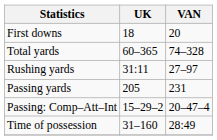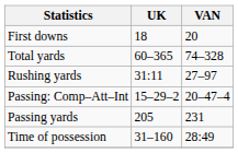 <table class="wikitable" style="float: left;">
 <tr>
 <th>Statistics</th>
 <th>UK</th>
 <th>VAN</th>
 </tr>
 <tr>
 <td>First downs</td>
 <td>18</td>
 <td>20</td>
 </tr>
 <tr>
 <td>Total yards</td>
 <td>60–365</td>
 <td>74–328</td>
 </tr>
 <tr>
 <td>Rushing yards</td>
 <td>31:11</td>
 <td>27–97</td>
 </tr>
 <tr>
+<td>Passing: Comp–Att–Int</td>
+<td>15–29–2</td>
+<td>20–47–4</td>
+</tr>
+<tr>
 <td>Passing yards</td>
 <td>205</td>
 <td>231</td>
-</tr>
-<tr>
-<td>Passing: Comp–Att–Int</td>
-<td>15–29–2</td>
-<td>20–47–4</td>
 </tr>
 <tr>
 <td>Time of possession</td>
 <td>31–160</td>
 <td>28:49</td>
 </tr>
 <tr>
 </tr>
 </table>
